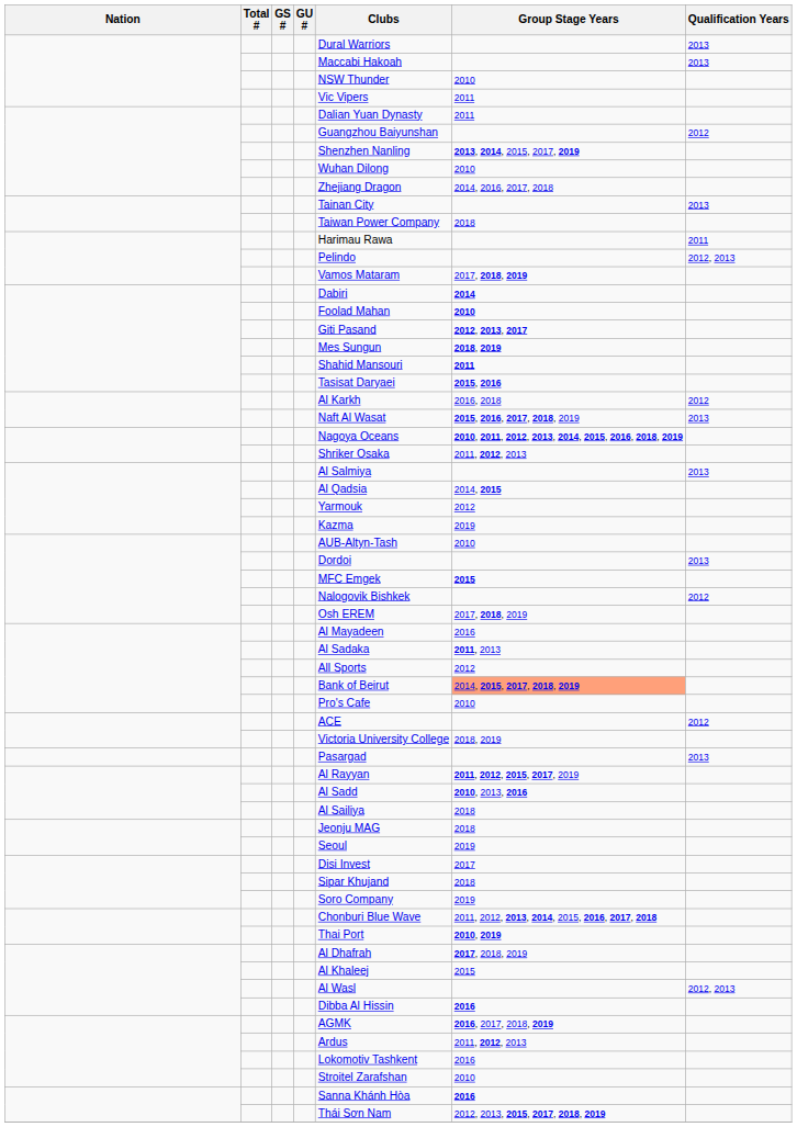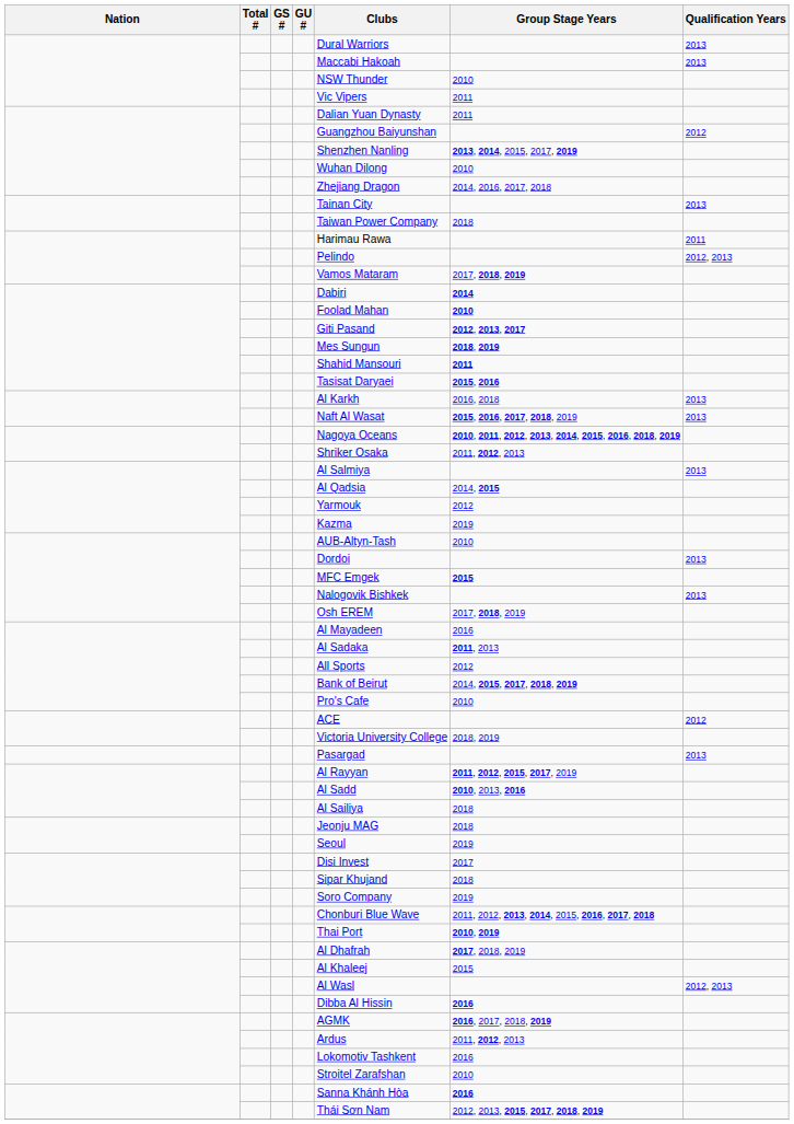 <table class="wikitable ">
 <tr>
 <th width=30%>Nation</th>
 <th>Total<br>#</th>
 <th>GS<br>#</th>
 <th>GU<br>#</th>
 <th>Clubs</th>
 <th>Group Stage Years</th>
 <th>Qualification Years</th>
 </tr>
 <tr>
 <td rowspan=4></td>
 <td></td>
 <td></td>
 <td></td>
 <td><a href='#'>Dural Warriors</a></td>
 <td></td>
 <td><small><a href='#'>2013</a></small></td>
 </tr>
 <tr>
 <td></td>
 <td></td>
 <td></td>
 <td><a href='#'>Maccabi Hakoah</a></td>
 <td></td>
 <td><small><a href='#'>2013</a></small></td>
 </tr>
 <tr>
 <td></td>
 <td></td>
 <td></td>
 <td><a href='#'>NSW Thunder</a></td>
 <td><small><a href='#'>2010</a></small></td>
 <td></td>
 </tr>
 <tr>
 <td></td>
 <td></td>
 <td></td>
 <td><a href='#'>Vic Vipers</a></td>
 <td><small><a href='#'>2011</a></small></td>
 <td></td>
 </tr>
 <tr>
 <td rowspan=5></td>
 <td></td>
 <td></td>
 <td></td>
 <td><a href='#'>Dalian Yuan Dynasty</a></td>
 <td><small><a href='#'>2011</a></small></td>
 <td></td>
 </tr>
 <tr>
 <td></td>
 <td></td>
 <td></td>
 <td><a href='#'>Guangzhou Baiyunshan</a></td>
 <td></td>
 <td><small><a href='#'>2012</a></small></td>
 </tr>
 <tr>
 <td></td>
 <td></td>
 <td></td>
 <td><a href='#'>Shenzhen Nanling</a></td>
 <td><small><strong><a href='#'>2013</a></strong>, <strong><a href='#'>2014</a></strong>, <a href='#'>2015</a>, <a href='#'>2017</a>, <strong><a href='#'>2019</a></strong></small></td>
 <td></td>
 </tr>
 <tr>
 <td></td>
 <td></td>
 <td></td>
 <td><a href='#'>Wuhan Dilong</a></td>
 <td><small><a href='#'>2010</a></small></td>
 <td></td>
 </tr>
 <tr>
 <td></td>
 <td></td>
 <td></td>
 <td><a href='#'>Zhejiang Dragon</a></td>
 <td><small><a href='#'>2014</a>, <a href='#'>2016</a>, <a href='#'>2017</a>, <a href='#'>2018</a></small></td>
 <td></td>
 </tr>
 <tr>
 <td rowspan=2></td>
 <td></td>
 <td></td>
 <td></td>
 <td><a href='#'>Tainan City</a></td>
 <td></td>
 <td><small><a href='#'>2013</a></small></td>
 </tr>
 <tr>
 <td></td>
 <td></td>
 <td></td>
 <td><a href='#'>Taiwan Power Company</a></td>
 <td><small><a href='#'>2018</a></small></td>
 <td></td>
 </tr>
 <tr>
 <td rowspan=3></td>
 <td></td>
 <td></td>
 <td></td>
 <td>Harimau Rawa</td>
 <td></td>
 <td><small><a href='#'>2011</a></small></td>
 </tr>
 <tr>
 <td></td>
 <td></td>
 <td></td>
 <td><a href='#'>Pelindo</a></td>
 <td></td>
 <td><small><a href='#'>2012</a>, <a href='#'>2013</a></small></td>
 </tr>
 <tr>
 <td></td>
 <td></td>
 <td></td>
 <td><a href='#'>Vamos Mataram</a></td>
 <td><small><a href='#'>2017</a>, <strong><a href='#'>2018</a></strong>, <strong><a href='#'>2019</a></strong></small></td>
 <td></td>
 </tr>
 <tr>
 <td rowspan=6></td>
 <td></td>
 <td></td>
 <td></td>
 <td><a href='#'>Dabiri</a></td>
 <td><small><strong><a href='#'>2014</a></strong></small></td>
 <td></td>
 </tr>
 <tr>
 <td></td>
 <td></td>
 <td></td>
 <td><a href='#'>Foolad Mahan</a></td>
 <td><small><strong><a href='#'>2010</a></strong></small></td>
 <td></td>
 </tr>
 <tr>
 <td></td>
 <td></td>
 <td></td>
 <td><a href='#'>Giti Pasand</a></td>
 <td><small><strong><a href='#'>2012</a></strong>, <strong><a href='#'>2013</a></strong>, <strong><a href='#'>2017</a></strong></small></td>
 <td></td>
 </tr>
 <tr>
 <td></td>
 <td></td>
 <td></td>
 <td><a href='#'>Mes Sungun</a></td>
 <td><small><strong><a href='#'>2018</a></strong>, <strong><a href='#'>2019</a></strong></small></td>
 <td></td>
 </tr>
 <tr>
 <td></td>
 <td></td>
 <td></td>
 <td><a href='#'>Shahid Mansouri</a></td>
 <td><small><strong><a href='#'>2011</a></strong></small></td>
 <td></td>
 </tr>
 <tr>
 <td></td>
 <td></td>
 <td></td>
 <td><a href='#'>Tasisat Daryaei</a></td>
 <td><small><strong><a href='#'>2015</a></strong>, <strong><a href='#'>2016</a></strong></small></td>
 <td></td>
 </tr>
 <tr>
 <td rowspan=2></td>
 <td></td>
 <td></td>
 <td></td>
 <td><a href='#'>Al Karkh</a></td>
 <td><small><a href='#'>2016</a>, <a href='#'>2018</a></small></td>
-<td><small><a href='#'>2012</a></small></td>
+<td><small><a href='#'>2013</a></small></td>
 </tr>
 <tr>
 <td></td>
 <td></td>
 <td></td>
 <td><a href='#'>Naft Al Wasat</a></td>
 <td><small><strong><a href='#'>2015</a></strong>, <strong><a href='#'>2016</a></strong>, <strong><a href='#'>2017</a></strong>, <strong><a href='#'>2018</a></strong>, <a href='#'>2019</a></small></td>
 <td><small><a href='#'>2013</a></small></td>
 </tr>
 <tr>
 <td rowspan=2></td>
 <td></td>
 <td></td>
 <td></td>
 <td><a href='#'>Nagoya Oceans</a></td>
 <td><small><strong><a href='#'>2010</a></strong>, <strong><a href='#'>2011</a></strong>, <strong><a href='#'>2012</a></strong>, <strong><a href='#'>2013</a></strong>, <strong><a href='#'>2014</a></strong>, <strong><a href='#'>2015</a></strong>, <strong><a href='#'>2016</a></strong>, <strong><a href='#'>2018</a></strong>, <strong><a href='#'>2019</a></strong></small></td>
 <td></td>
 </tr>
 <tr>
 <td></td>
 <td></td>
 <td></td>
 <td><a href='#'>Shriker Osaka</a></td>
 <td><small><a href='#'>2011</a>, <strong><a href='#'>2012</a></strong>, <a href='#'>2013</a></small></td>
 <td></td>
 </tr>
 <tr>
 <td rowspan=4></td>
 <td></td>
 <td></td>
 <td></td>
 <td><a href='#'>Al Salmiya</a></td>
 <td></td>
 <td><small><a href='#'>2013</a></small></td>
 </tr>
 <tr>
 <td></td>
 <td></td>
 <td></td>
 <td><a href='#'>Al Qadsia</a></td>
 <td><small><a href='#'>2014</a>, <strong><a href='#'>2015</a></strong></small></td>
 <td></td>
 </tr>
 <tr>
 <td></td>
 <td></td>
 <td></td>
 <td><a href='#'>Yarmouk</a></td>
 <td><small><a href='#'>2012</a></small></td>
 <td></td>
 </tr>
 <tr>
 <td></td>
 <td></td>
 <td></td>
 <td><a href='#'>Kazma</a></td>
 <td><small><a href='#'>2019</a></small></td>
 <td></td>
 </tr>
 <tr>
 <td rowspan=5></td>
 <td></td>
 <td></td>
 <td></td>
 <td><a href='#'>AUB-Altyn-Tash</a></td>
 <td><small><a href='#'>2010</a></small></td>
 <td></td>
 </tr>
 <tr>
 <td></td>
 <td></td>
 <td></td>
 <td><a href='#'>Dordoi</a></td>
 <td></td>
 <td><small><a href='#'>2013</a></small></td>
 </tr>
 <tr>
 <td></td>
 <td></td>
 <td></td>
 <td><a href='#'>MFC Emgek</a></td>
 <td><small><strong><a href='#'>2015</a></strong></small></td>
 <td></td>
 </tr>
 <tr>
 <td></td>
 <td></td>
 <td></td>
 <td><a href='#'>Nalogovik Bishkek</a></td>
 <td></td>
-<td><small><a href='#'>2012</a></small></td>
+<td><small><a href='#'>2013</a></small></td>
 </tr>
 <tr>
 <td></td>
 <td></td>
 <td></td>
 <td><a href='#'>Osh EREM</a></td>
 <td><small><a href='#'>2017</a>, <strong><a href='#'>2018</a></strong>, <a href='#'>2019</a></small></td>
 <td></td>
 </tr>
 <tr>
 <td rowspan=5></td>
 <td></td>
 <td></td>
 <td></td>
 <td><a href='#'>Al Mayadeen</a></td>
 <td><small><a href='#'>2016</a></small></td>
 <td></td>
 </tr>
 <tr>
 <td></td>
 <td></td>
 <td></td>
 <td><a href='#'>Al Sadaka</a></td>
 <td><small><strong><a href='#'>2011</a></strong>, <a href='#'>2013</a></small></td>
 <td></td>
 </tr>
 <tr>
 <td></td>
 <td></td>
 <td></td>
 <td><a href='#'>All Sports</a></td>
 <td><small><a href='#'>2012</a></small></td>
 <td></td>
 </tr>
 <tr>
 <td></td>
 <td></td>
 <td></td>
 <td><a href='#'>Bank of Beirut</a></td>
-<td style="background: lightsalmon;"><small><a href='#'>2014</a>, <strong><a href='#'>2015</a></strong>, <strong><a href='#'>2017</a></strong>, <strong><a href='#'>2018</a></strong>, <strong><a href='#'>2019</a></strong></small></td>
+<td><small><a href='#'>2014</a>, <strong><a href='#'>2015</a></strong>, <strong><a href='#'>2017</a></strong>, <strong><a href='#'>2018</a></strong>, <strong><a href='#'>2019</a></strong></small></td>
 <td></td>
 </tr>
 <tr>
 <td></td>
 <td></td>
 <td></td>
 <td><a href='#'>Pro's Cafe</a></td>
 <td><small><a href='#'>2010</a></small></td>
 <td></td>
 </tr>
 <tr>
 <td rowspan=2></td>
 <td></td>
 <td></td>
 <td></td>
 <td><a href='#'>ACE</a></td>
 <td></td>
 <td><small><a href='#'>2012</a></small></td>
 </tr>
 <tr>
 <td></td>
 <td></td>
 <td></td>
 <td><a href='#'>Victoria University College</a></td>
 <td><small><a href='#'>2018</a>, <a href='#'>2019</a></small></td>
 <td></td>
 </tr>
 <tr>
 <td rowspan=1></td>
 <td></td>
 <td></td>
 <td></td>
 <td><a href='#'>Pasargad</a></td>
 <td></td>
 <td><small><a href='#'>2013</a></small></td>
 </tr>
 <tr>
 <td rowspan=3></td>
 <td></td>
 <td></td>
 <td></td>
 <td><a href='#'>Al Rayyan</a></td>
 <td><small><strong><a href='#'>2011</a></strong>, <strong><a href='#'>2012</a></strong>, <strong><a href='#'>2015</a></strong>, <strong><a href='#'>2017</a></strong>, <a href='#'>2019</a></small></td>
 <td></td>
 </tr>
 <tr>
 <td></td>
 <td></td>
 <td></td>
 <td><a href='#'>Al Sadd</a></td>
 <td><small><strong><a href='#'>2010</a></strong>, <a href='#'>2013</a>, <strong><a href='#'>2016</a></strong></small></td>
 <td></td>
 </tr>
 <tr>
 <td></td>
 <td></td>
 <td></td>
 <td><a href='#'>Al Sailiya</a></td>
 <td><small><a href='#'>2018</a></small></td>
 <td></td>
 </tr>
 <tr>
 <td rowspan=2></td>
 <td></td>
 <td></td>
 <td></td>
 <td><a href='#'>Jeonju MAG</a></td>
 <td><small><a href='#'>2018</a></small></td>
 <td></td>
 </tr>
 <tr>
 <td></td>
 <td></td>
 <td></td>
 <td><a href='#'>Seoul</a></td>
 <td><small><a href='#'>2019</a></small></td>
 <td></td>
 </tr>
 <tr>
 <td rowspan=3></td>
 <td></td>
 <td></td>
 <td></td>
 <td><a href='#'>Disi Invest</a></td>
 <td><small><a href='#'>2017</a></small></td>
 <td></td>
 </tr>
 <tr>
 <td></td>
 <td></td>
 <td></td>
 <td><a href='#'>Sipar Khujand</a></td>
 <td><small><a href='#'>2018</a></small></td>
 <td></td>
 </tr>
 <tr>
 <td></td>
 <td></td>
 <td></td>
 <td><a href='#'>Soro Company</a></td>
 <td><small><a href='#'>2019</a></small></td>
 <td></td>
 </tr>
 <tr>
 <td rowspan=2></td>
 <td></td>
 <td></td>
 <td></td>
 <td><a href='#'>Chonburi Blue Wave</a></td>
 <td><small><a href='#'>2011</a>, <a href='#'>2012</a>, <strong><a href='#'>2013</a></strong>, <strong><a href='#'>2014</a></strong>, <a href='#'>2015</a>, <strong><a href='#'>2016</a></strong>, <strong><a href='#'>2017</a></strong>, <strong><a href='#'>2018</a></strong></small></td>
 <td></td>
 </tr>
 <tr>
 <td></td>
 <td></td>
 <td></td>
 <td><a href='#'>Thai Port</a></td>
 <td><small><strong><a href='#'>2010</a></strong>, <strong><a href='#'>2019</a></strong></small></td>
 <td></td>
 </tr>
 <tr>
 <td rowspan=4></td>
 <td></td>
 <td></td>
 <td></td>
 <td><a href='#'>Al Dhafrah</a></td>
 <td><small><strong><a href='#'>2017</a></strong>, <a href='#'>2018</a>, <a href='#'>2019</a></small></td>
 <td></td>
 </tr>
 <tr>
 <td></td>
 <td></td>
 <td></td>
 <td><a href='#'>Al Khaleej</a></td>
 <td><small><a href='#'>2015</a></small></td>
 <td></td>
 </tr>
 <tr>
 <td></td>
 <td></td>
 <td></td>
 <td><a href='#'>Al Wasl</a></td>
 <td></td>
 <td><small><a href='#'>2012</a>, <a href='#'>2013</a></small></td>
 </tr>
 <tr>
 <td></td>
 <td></td>
 <td></td>
 <td><a href='#'>Dibba Al Hissin</a></td>
 <td><small><strong><a href='#'>2016</a></strong></small></td>
 <td></td>
 </tr>
 <tr>
 <td rowspan=4></td>
 <td></td>
 <td></td>
 <td></td>
 <td><a href='#'>AGMK</a></td>
 <td><small><strong><a href='#'>2016</a></strong>, <a href='#'>2017</a>, <a href='#'>2018</a>, <strong><a href='#'>2019</a></strong></small></td>
 <td></td>
 </tr>
 <tr>
 <td></td>
 <td></td>
 <td></td>
 <td><a href='#'>Ardus</a></td>
 <td><small><a href='#'>2011</a>, <strong><a href='#'>2012</a></strong>, <a href='#'>2013</a></small></td>
 <td></td>
 </tr>
 <tr>
 <td></td>
 <td></td>
 <td></td>
 <td><a href='#'>Lokomotiv Tashkent</a></td>
 <td><small><a href='#'>2016</a></small></td>
 <td></td>
 </tr>
 <tr>
 <td></td>
 <td></td>
 <td></td>
 <td><a href='#'>Stroitel Zarafshan</a></td>
 <td><small><a href='#'>2010</a></small></td>
 <td></td>
 </tr>
 <tr>
 <td rowspan=2></td>
 <td></td>
 <td></td>
 <td></td>
 <td><a href='#'>Sanna Khánh Hòa</a></td>
 <td><small><strong><a href='#'>2016</a></strong></small></td>
 <td></td>
 </tr>
 <tr>
 <td></td>
 <td></td>
 <td></td>
 <td><a href='#'>Thái Sơn Nam</a></td>
 <td><small><a href='#'>2012</a>, <a href='#'>2013</a>, <strong><a href='#'>2015</a></strong>, <strong><a href='#'>2017</a></strong>, <strong><a href='#'>2018</a></strong>, <strong><a href='#'>2019</a></strong></small></td>
 <td></td>
 </tr>
 <tr>
 </tr>
 </table>
